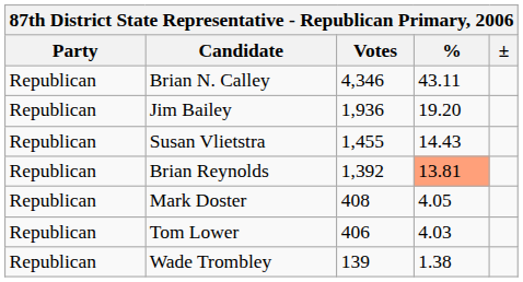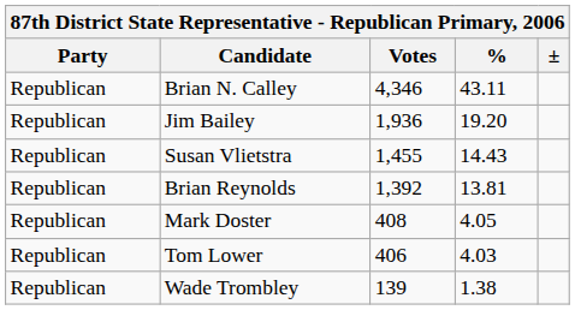 <table class="wikitable">
 <tr>
 <th colspan="5">87th District State Representative - Republican Primary, 2006</th>
 </tr>
 <tr>
 <th>Party</th>
 <th>Candidate</th>
 <th>Votes</th>
 <th>%</th>
 <th>±</th>
 </tr>
 <tr>
 <td>Republican</td>
 <td>Brian N. Calley</td>
 <td>4,346</td>
 <td>43.11</td>
 <td></td>
 </tr>
 <tr>
 <td>Republican</td>
 <td>Jim Bailey</td>
 <td>1,936</td>
 <td>19.20</td>
 <td></td>
 </tr>
 <tr>
 <td>Republican</td>
 <td>Susan Vlietstra</td>
 <td>1,455</td>
 <td>14.43</td>
 <td></td>
 </tr>
 <tr>
 <td>Republican</td>
 <td>Brian Reynolds</td>
 <td>1,392</td>
-<td style="background: lightsalmon;">13.81</td>
+<td>13.81</td>
 <td></td>
 </tr>
 <tr>
 <td>Republican</td>
 <td>Mark Doster</td>
 <td>408</td>
 <td>4.05</td>
 <td></td>
 </tr>
 <tr>
 <td>Republican</td>
 <td>Tom Lower</td>
 <td>406</td>
 <td>4.03</td>
 <td></td>
 </tr>
 <tr>
 <td>Republican</td>
 <td>Wade Trombley</td>
 <td>139</td>
 <td>1.38</td>
 <td></td>
 </tr>
 </table>
